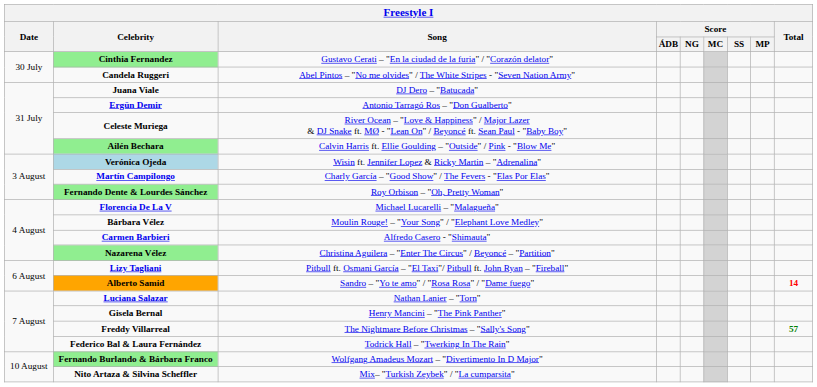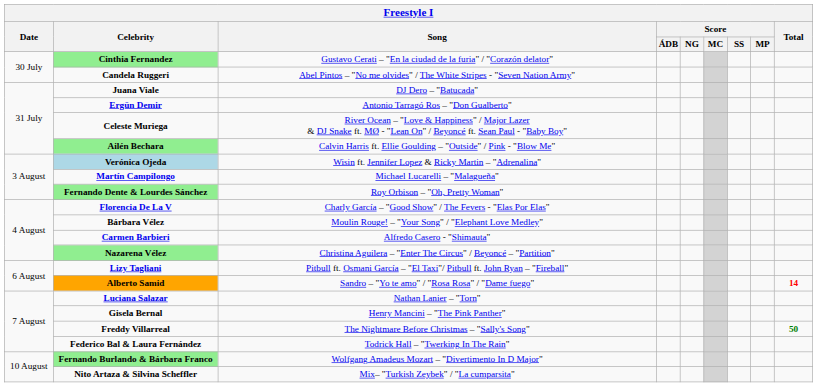 <table class="wikitable collapsible collapsed" style="font-size:90%; text-align: center; width: 100%;">
 <tr>
 <th colspan="11" style="with: 95%;" align=center><big><a href='#'>Freestyle I</a></big></th>
 </tr>
 <tr>
 <th width=70 rowspan="2">Date</th>
 <th width=250 rowspan="2">Celebrity</th>
 <th rowspan="2">Song</th>
 <th colspan="5">Score</th>
 <th rowspan="2">Total</th>
 </tr>
 <tr>
 <th width=30>ÁDB</th>
 <th width=30>NG</th>
 <th width=30>MC</th>
 <th width=30>SS</th>
 <th width=30>MP</th>
 </tr>
 <tr>
 <td rowspan=2>30 July</td>
 <td style="background:lightgreen;"><strong>Cinthia Fernandez</strong></td>
 <td><a href='#'>Gustavo Cerati</a> – "<a href='#'>En la ciudad de la furia</a>" / "<a href='#'>Corazón delator</a>"</td>
 <td></td>
 <td></td>
 <td bgcolor="lightgray"></td>
 <td></td>
 <td></td>
 <td></td>
 </tr>
 <tr>
 <td><strong>Candela Ruggeri</strong></td>
 <td><a href='#'>Abel Pintos</a> – "<a href='#'>No me olvides</a>" / <a href='#'>The White Stripes</a> - "<a href='#'>Seven Nation Army</a>"</td>
 <td></td>
 <td></td>
 <td bgcolor="lightgray"></td>
 <td></td>
 <td></td>
 <td></td>
 </tr>
 <tr>
 <td rowspan=4>31 July</td>
 <td><strong>Juana Viale</strong></td>
 <td><a href='#'>DJ Dero</a> – "<a href='#'>Batucada</a>"</td>
 <td></td>
 <td></td>
 <td bgcolor="lightgray"></td>
 <td></td>
 <td></td>
 <td></td>
 </tr>
 <tr>
 <td><strong><a href='#'>Ergün Demir</a></strong></td>
 <td><a href='#'>Antonio Tarragó Ros</a> – "<a href='#'>Don Gualberto</a>"</td>
 <td></td>
 <td></td>
 <td bgcolor="lightgray"></td>
 <td></td>
 <td></td>
 <td></td>
 </tr>
 <tr>
 <td><strong>Celeste Muriega</strong></td>
 <td><a href='#'>River Ocean</a> – "<a href='#'>Love & Happiness</a>" / <a href='#'>Major Lazer</a><br>& <a href='#'>DJ Snake</a> ft. <a href='#'>MØ</a> - "<a href='#'>Lean On</a>" / <a href='#'>Beyoncé</a> ft. <a href='#'>Sean Paul</a> - "<a href='#'>Baby Boy</a>"</td>
 <td></td>
 <td></td>
 <td bgcolor="lightgray"></td>
 <td></td>
 <td></td>
 <td></td>
 </tr>
 <tr>
 <td style="background:lightgreen;"><strong>Ailén Bechara</strong></td>
 <td><a href='#'>Calvin Harris</a> ft. <a href='#'>Ellie Goulding</a> – "<a href='#'>Outside</a>" / <a href='#'>Pink</a> - "<a href='#'>Blow Me</a>"</td>
 <td></td>
 <td></td>
 <td bgcolor="lightgray"></td>
 <td></td>
 <td></td>
 <td></td>
 </tr>
 <tr>
 <td rowspan=3>3 August</td>
 <td style="background:lightblue;"><strong>Verónica Ojeda</strong></td>
 <td><a href='#'>Wisin</a> ft. <a href='#'>Jennifer Lopez</a> & <a href='#'>Ricky Martin</a> – "<a href='#'>Adrenalina</a>"</td>
 <td></td>
 <td></td>
 <td bgcolor="lightgray"></td>
 <td></td>
 <td></td>
 <td></td>
 </tr>
 <tr>
 <td><strong><a href='#'>Martín Campilongo</a></strong></td>
-<td><a href='#'>Charly García</a> – "<a href='#'>Good Show</a>" / <a href='#'>The Fevers</a> - "<a href='#'>Elas Por Elas</a>"</td>
+<td><a href='#'>Michael Lucarelli</a> – "<a href='#'>Malagueña</a>"</td>
 <td></td>
 <td></td>
 <td bgcolor="lightgray"></td>
 <td></td>
 <td></td>
 <td></td>
 </tr>
 <tr>
 <td style="background:lightgreen;"><strong>Fernando Dente & Lourdes Sánchez</strong></td>
 <td><a href='#'>Roy Orbison</a> – "<a href='#'>Oh, Pretty Woman</a>"</td>
 <td></td>
 <td></td>
 <td bgcolor="lightgray"></td>
 <td></td>
 <td></td>
 <td></td>
 </tr>
 <tr>
 <td rowspan=4>4 August</td>
 <td><strong><a href='#'>Florencia De La V</a></strong></td>
-<td><a href='#'>Michael Lucarelli</a> – "<a href='#'>Malagueña</a>"</td>
+<td><a href='#'>Charly García</a> – "<a href='#'>Good Show</a>" / <a href='#'>The Fevers</a> - "<a href='#'>Elas Por Elas</a>"</td>
 <td></td>
 <td></td>
 <td bgcolor="lightgray"></td>
 <td></td>
 <td></td>
 <td></td>
 </tr>
 <tr>
 <td><strong>Bárbara Vélez</strong></td>
 <td><a href='#'>Moulin Rouge!</a> – "<a href='#'>Your Song</a>" / "<a href='#'>Elephant Love Medley</a>"</td>
 <td></td>
 <td></td>
 <td bgcolor="lightgray"></td>
 <td></td>
 <td></td>
 <td></td>
 </tr>
 <tr>
 <td><strong><a href='#'>Carmen Barbieri</a></strong></td>
 <td><a href='#'>Alfredo Casero</a> - "<a href='#'>Shimauta</a>"</td>
 <td></td>
 <td></td>
 <td bgcolor="lightgray"></td>
 <td></td>
 <td></td>
 <td></td>
 </tr>
 <tr>
 <td style="background:lightgreen;"><strong>Nazarena Vélez</strong></td>
 <td><a href='#'>Christina Aguilera</a> – "<a href='#'>Enter The Circus</a>" / <a href='#'>Beyoncé</a> – "<a href='#'>Partition</a>"</td>
 <td></td>
 <td></td>
 <td bgcolor="lightgray"></td>
 <td></td>
 <td></td>
 <td></td>
 </tr>
 <tr>
 <td rowspan=2>6 August</td>
 <td><strong><a href='#'>Lizy Tagliani</a></strong></td>
 <td><a href='#'>Pitbull</a> ft. <a href='#'>Osmani García</a> – "<a href='#'>El Taxi</a>"/ <a href='#'>Pitbull</a> ft. <a href='#'>John Ryan</a> – "<a href='#'>Fireball</a>"</td>
 <td></td>
 <td></td>
 <td bgcolor="lightgray"></td>
 <td></td>
 <td></td>
 <td></td>
 </tr>
 <tr>
 <td style="background:Orange;"><strong>Alberto Samid</strong></td>
 <td><a href='#'>Sandro</a> – "<a href='#'>Yo te amo</a>" / "<a href='#'>Rosa Rosa</a>" / "<a href='#'>Dame fuego</a>"</td>
 <td></td>
 <td></td>
 <td bgcolor="lightgray"></td>
 <td></td>
 <td></td>
 <td style="text-align:center; color:red;"><strong>14</strong></td>
 </tr>
 <tr>
 <td rowspan=4>7 August</td>
 <td><strong><a href='#'>Luciana Salazar</a></strong></td>
 <td><a href='#'>Nathan Lanier</a> – "<a href='#'>Torn</a>"</td>
 <td></td>
 <td></td>
 <td bgcolor="lightgray"></td>
 <td></td>
 <td></td>
 <td></td>
 </tr>
 <tr>
 <td><strong>Gisela Bernal</strong></td>
 <td><a href='#'>Henry Mancini</a> – "<a href='#'>The Pink Panther</a>"</td>
 <td></td>
 <td></td>
 <td bgcolor="lightgray"></td>
 <td></td>
 <td></td>
 <td></td>
 </tr>
 <tr>
 <td><strong>Freddy Villarreal</strong></td>
 <td><a href='#'>The Nightmare Before Christmas</a> – "<a href='#'>Sally's Song</a>"</td>
 <td></td>
 <td></td>
 <td bgcolor="lightgray"></td>
 <td></td>
 <td></td>
-<td style="text-align:center; color:green;"><strong>57</strong></td>
+<td style="text-align:center; color:green;"><strong>50</strong></td>
 </tr>
 <tr>
 <td><strong>Federico Bal & Laura Fernández</strong></td>
 <td><a href='#'>Todrick Hall</a> – "<a href='#'>Twerking In The Rain</a>"</td>
 <td></td>
 <td></td>
 <td bgcolor="lightgray"></td>
 <td></td>
 <td></td>
 <td></td>
 </tr>
 <tr>
 <td rowspan=2>10 August</td>
 <td style="background:lightgreen;"><strong>Fernando Burlando & Bárbara Franco</strong></td>
 <td><a href='#'>Wolfgang Amadeus Mozart</a> – "<a href='#'>Divertimento In D Major</a>"</td>
 <td></td>
 <td></td>
 <td bgcolor="lightgray"></td>
 <td></td>
 <td></td>
 <td></td>
 </tr>
 <tr>
 <td><strong>Nito Artaza & Silvina Scheffler</strong></td>
 <td><a href='#'>Mix</a>– "<a href='#'>Turkish Zeybek</a>" / "<a href='#'>La cumparsita</a>"</td>
 <td></td>
 <td></td>
 <td bgcolor="lightgray"></td>
 <td></td>
 <td></td>
 <td></td>
 </tr>
 </table>
